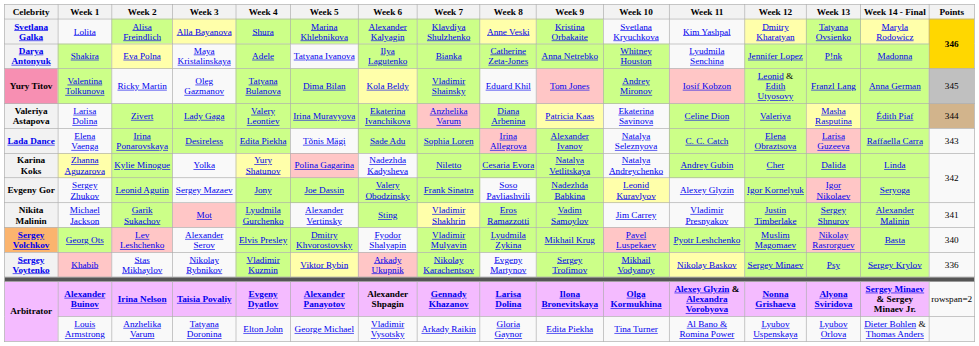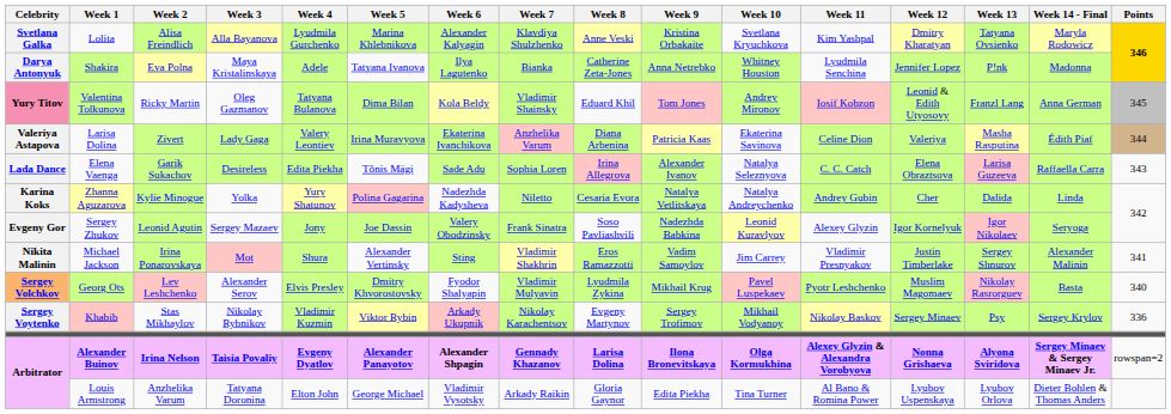 <table class="wikitable" style="text-align:center; font-size:90%; line-height:16px;" width="120%">
 <tr>
 <th>Celebrity</th>
 <th>Week 1</th>
 <th>Week 2</th>
 <th>Week 3</th>
 <th>Week 4</th>
 <th>Week 5</th>
 <th>Week 6</th>
 <th>Week 7</th>
 <th>Week 8</th>
 <th>Week 9</th>
 <th>Week 10</th>
 <th>Week 11</th>
 <th>Week 12</th>
 <th>Week 13</th>
 <th>Week 14 - Final</th>
 <th>Points</th>
 </tr>
 <tr>
 <th><a href='#'>Svetlana Galka</a></th>
 <td><a href='#'>Lolita</a></td>
 <td style="background:#ccff88"><a href='#'>Alisa Freindlich</a></td>
 <td style="background:#ffffaa"><a href='#'>Alla Bayanova</a></td>
-<td style="background:#ccff88"><a href='#'>Shura</a></td>
+<td style="background:#ccff88"><a href='#'>Lyudmila Gurchenko</a></td>
 <td style="background:#ccff88"><a href='#'>Marina Khlebnikova</a></td>
 <td style="background:#ccff88"><a href='#'>Alexander Kalyagin</a></td>
 <td style="background:#ccff88"><a href='#'>Klavdiya Shulzhenko</a></td>
 <td style="background:#ffffaa"><a href='#'>Anne Veski</a></td>
 <td style="background:#ccff88"><a href='#'>Kristina Orbakaite</a></td>
 <td><a href='#'>Svetlana Kryuchkova</a></td>
 <td><a href='#'>Kim Yashpal</a></td>
 <td style="background:#ffffaa"><a href='#'>Dmitry Kharatyan</a></td>
 <td style="background:#ccff88"><a href='#'>Tatyana Ovsienko</a></td>
 <td style="background:#ffffaa"><a href='#'>Maryla Rodowicz</a></td>
 <td rowspan=2 style="background:gold"><strong>346</strong></td>
 </tr>
 <tr>
 <th><a href='#'>Darya Antonyuk</a></th>
 <td style="background:#ccff88"><a href='#'>Shakira</a></td>
 <td style="background:#ffffaa"><a href='#'>Eva Polna</a></td>
 <td><a href='#'>Maya Kristalinskaya</a></td>
 <td style="background:#ccff88"><a href='#'>Adele</a></td>
 <td><a href='#'>Tatyana Ivanova</a></td>
 <td style="background:#ccff88"><a href='#'>Ilya Lagutenko</a></td>
 <td style="background:#ccff88"><a href='#'>Bianka</a></td>
 <td style="background:#ccff88"><a href='#'>Catherine Zeta-Jones</a></td>
 <td style="background:#ccff88"><a href='#'>Anna Netrebko</a></td>
 <td style="background:#ccff88"><a href='#'>Whitney Houston</a></td>
 <td><a href='#'>Lyudmila Senchina</a></td>
 <td style="background:#ccff88"><a href='#'>Jennifer Lopez</a></td>
 <td style="background:#ccff88"><a href='#'>P!nk</a></td>
 <td style="background:#ccff88"><a href='#'>Madonna</a></td>
 </tr>
 <tr>
 <th style="background:#f78fb2">Yury Titov</th>
 <td style="background:#ccff88"><a href='#'>Valentina Tolkunova</a></td>
 <td><a href='#'>Ricky Martin</a></td>
 <td><a href='#'>Oleg Gazmanov</a></td>
 <td style="background:#ccff88"><a href='#'>Tatyana Bulanova</a></td>
 <td style="background:#ccff88"><a href='#'>Dima Bilan</a></td>
 <td style="background:#ffffaa"><a href='#'>Kola Beldy</a></td>
 <td style="background:#ccff88"><a href='#'>Vladimir Shainsky</a></td>
 <td><a href='#'>Eduard Khil</a></td>
 <td style="background:#ffc6c6"><a href='#'>Tom Jones</a></td>
 <td style="background:#ccff88"><a href='#'>Andrey Mironov</a></td>
 <td style="background:#ffc6c6"><a href='#'>Iosif Kobzon</a></td>
 <td style="background:#ccff88"><a href='#'>Leonid</a> & <a href='#'>Edith Utyosovy</a></td>
 <td style="background:#ccff88"><a href='#'>Franzl Lang</a></td>
 <td style="background:#ccff88"><a href='#'>Anna German</a></td>
 <td style="background:silver">345</td>
 </tr>
 <tr>
 <th>Valeriya Astapova</th>
 <td><a href='#'>Larisa Dolina</a></td>
 <td style="background:#ccff88"><a href='#'>Zivert</a></td>
 <td style="background:#ccff88"><a href='#'>Lady Gaga</a></td>
 <td style="background:#ccff88"><a href='#'>Valery Leontiev</a></td>
 <td style="background:#ccff88"><a href='#'>Irina Muravyova</a></td>
 <td style="background:#ccff88"><a href='#'>Ekaterina Ivanchikova</a></td>
 <td style="background:#ffc6c6"><a href='#'>Anzhelika Varum</a></td>
 <td style="background:#ccff88"><a href='#'>Diana Arbenina</a></td>
 <td style="background:#ffffaa"><a href='#'>Patricia Kaas</a></td>
 <td><a href='#'>Ekaterina Savinova</a></td>
 <td style="background:#ccff88"><a href='#'>Celine Dion</a></td>
 <td style="background:#ccff88"><a href='#'>Valeriya</a></td>
 <td style="background:#ffffaa"><a href='#'>Masha Rasputina</a></td>
 <td style="background:#ccff88"><a href='#'>Édith Piaf</a></td>
 <td style="background:tan">344</td>
 </tr>
 <tr>
 <th><a href='#'>Lada Dance</a></th>
 <td><a href='#'>Elena Vaenga</a></td>
-<td style="background:#ccff88"><a href='#'>Irina Ponarovskaya</a></td>
+<td style="background:#ccff88"><a href='#'>Garik Sukachov</a></td>
 <td style="background:#ccff88"><a href='#'>Desireless</a></td>
 <td style="background:#ccff88"><a href='#'>Edita Piekha</a></td>
 <td><a href='#'>Tõnis Mägi</a></td>
 <td style="background:#ccff88"><a href='#'>Sade Adu</a></td>
 <td style="background:#ccff88"><a href='#'>Sophia Loren</a></td>
 <td style="background:#ffc6c6"><a href='#'>Irina Allegrova</a></td>
 <td style="background:#ccff88"><a href='#'>Alexander Ivanov</a></td>
 <td><a href='#'>Natalya Seleznyova</a></td>
 <td style="background:#ccff88"><a href='#'>C. C. Catch</a></td>
 <td style="background:#ccff88"><a href='#'>Elena Obraztsova</a></td>
 <td style="background:#ffc6c6"><a href='#'>Larisa Guzeeva</a></td>
 <td style="background:#ccff88"><a href='#'>Raffaella Carra</a></td>
 <td>343</td>
 </tr>
 <tr>
 <th>Karina Koks</th>
 <td style="background:#ffffaa"><a href='#'>Zhanna Aguzarova</a></td>
 <td style="background:#ccff88"><a href='#'>Kylie Minogue</a></td>
 <td><a href='#'>Yolka</a></td>
 <td style="background:#ffffaa"><a href='#'>Yury Shatunov</a></td>
 <td style="background:#ffc6c6"><a href='#'>Polina Gagarina</a></td>
 <td><a href='#'>Nadezhda Kadysheva</a></td>
 <td style="background:#ccff88"><a href='#'>Niletto</a></td>
 <td style="background:#ccff88"><a href='#'>Cesaria Evora</a></td>
 <td style="background:#ccff88"><a href='#'>Natalya Vetlitskaya</a></td>
 <td><a href='#'>Natalya Andreychenko</a></td>
 <td style="background:#ccff88"><a href='#'>Andrey Gubin</a></td>
 <td style="background:#ccff88"><a href='#'>Cher</a></td>
 <td style="background:#ccff88"><a href='#'>Dalida</a></td>
 <td style="background:#ccff88"><a href='#'>Linda</a></td>
 <td rowspan=2>342</td>
 </tr>
 <tr>
 <th>Evgeny Gor</th>
 <td><a href='#'>Sergey Zhukov</a></td>
 <td style="background:#ccff88"><a href='#'>Leonid Agutin</a></td>
 <td><a href='#'>Sergey Mazaev</a></td>
 <td style="background:#ccff88"><a href='#'>Jony</a></td>
 <td style="background:#ccff88"><a href='#'>Joe Dassin</a></td>
 <td style="background:#ccff88"><a href='#'>Valery Obodzinsky</a></td>
 <td style="background:#ccff88"><a href='#'>Frank Sinatra</a></td>
 <td><a href='#'>Soso Pavliashvili</a></td>
 <td style="background:#ccff88"><a href='#'>Nadezhda Babkina</a></td>
 <td style="background:#ffffaa"><a href='#'>Leonid Kuravlyov</a></td>
 <td><a href='#'>Alexey Glyzin</a></td>
 <td style="background:#ccff88"><a href='#'>Igor Kornelyuk</a></td>
 <td style="background:#ffc6c6"><a href='#'>Igor Nikolaev</a></td>
 <td style="background:#ccff88"><a href='#'>Seryoga</a></td>
 </tr>
 <tr>
 <th>Nikita Malinin</th>
 <td><a href='#'>Michael Jackson</a></td>
-<td style="background:#ccff88"><a href='#'>Garik Sukachov</a></td>
+<td style="background:#ccff88"><a href='#'>Irina Ponarovskaya</a></td>
 <td style="background:#ffc6c6"><a href='#'>Mot</a></td>
-<td style="background:#ccff88"><a href='#'>Lyudmila Gurchenko</a></td>
+<td style="background:#ccff88"><a href='#'>Shura</a></td>
 <td><a href='#'>Alexander Vertinsky</a></td>
 <td style="background:#ccff88"><a href='#'>Sting</a></td>
 <td style="background:#ffffaa"><a href='#'>Vladimir Shakhrin</a></td>
 <td style="background:#ccff88"><a href='#'>Eros Ramazzotti</a></td>
 <td style="background:#ccff88"><a href='#'>Vadim Samoylov</a></td>
 <td><a href='#'>Jim Carrey</a></td>
 <td><a href='#'>Vladimir Presnyakov</a></td>
 <td style="background:#ccff88"><a href='#'>Justin Timberlake</a></td>
 <td style="background:#ccff88"><a href='#'>Sergey Shnurov</a></td>
 <td style="background:#ccff88"><a href='#'>Alexander Malinin</a></td>
 <td>341</td>
 </tr>
 <tr>
 <th style="background:#fbb46e"><a href='#'>Sergey Volchkov</a></th>
 <td style="background:#ccff88"><a href='#'>Georg Ots</a></td>
 <td style="background:#ffc6c6"><a href='#'>Lev Leshchenko</a></td>
 <td><a href='#'>Alexander Serov</a></td>
 <td style="background:#ccff88"><a href='#'>Elvis Presley</a></td>
 <td style="background:#ccff88"><a href='#'>Dmitry Khvorostovsky</a></td>
 <td><a href='#'>Fyodor Shalyapin</a></td>
 <td style="background:#ccff88"><a href='#'>Vladimir Mulyavin</a></td>
 <td style="background:#ccff88"><a href='#'>Lyudmila Zykina</a></td>
 <td style="background:#ccff88"><a href='#'>Mikhail Krug</a></td>
 <td style="background:#ffc6c6"><a href='#'>Pavel Luspekaev</a></td>
 <td style="background:#ccff88"><a href='#'>Pyotr Leshchenko</a></td>
 <td style="background:#ccff88"><a href='#'>Muslim Magomaev</a></td>
 <td style="background:#ffc6c6"><a href='#'>Nikolay Rasrorguev</a></td>
 <td style="background:#ccff88"><a href='#'>Basta</a></td>
 <td>340</td>
 </tr>
 <tr>
 <th><a href='#'>Sergey Voytenko</a></th>
 <td style="background:#ffc6c6"><a href='#'>Khabib</a></td>
 <td><a href='#'>Stas Mikhaylov</a></td>
 <td><a href='#'>Nikolay Rybnikov</a></td>
 <td style="background:#ccff88"><a href='#'>Vladimir Kuzmin</a></td>
 <td style="background:#ffffaa"><a href='#'>Viktor Rybin</a></td>
 <td style="background:#ffc6c6"><a href='#'>Arkady Ukupnik</a></td>
 <td style="background:#ccff88"><a href='#'>Nikolay Karachentsov</a></td>
 <td><a href='#'>Evgeny Martynov</a></td>
 <td style="background:#ccff88"><a href='#'>Sergey Trofimov</a></td>
 <td style="background:#ccff88"><a href='#'>Mikhail Vodyanoy</a></td>
 <td style="background:#ffffaa"><a href='#'>Nikolay Baskov</a></td>
 <td style="background:#ccff88"><a href='#'>Sergey Minaev</a></td>
 <td style="background:#ccff88"><a href='#'>Psy</a></td>
 <td style="background:#ccff88"><a href='#'>Sergey Krylov</a></td>
 <td>336</td>
 </tr>
 <tr>
 <td colspan=16 style="background:#555555;"></td>
 </tr>
 <tr>
 <th rowspan=2 style="background:#f4bbff">Arbitrator</th>
 <th style="background:#f4bbff"><a href='#'>Alexander Buinov</a></th>
 <th style="background:#f4bbff"><a href='#'>Irina Nelson</a></th>
 <th style="background:#f4bbff"><a href='#'>Taisia Povaliy</a></th>
 <th style="background:#f4bbff"><a href='#'>Evgeny Dyatlov</a></th>
 <th style="background:#f4bbff"><a href='#'>Alexander Panayotov</a></th>
 <th style="background:#f4bbff">Alexander Shpagin</th>
 <th style="background:#f4bbff"><a href='#'>Gennady Khazanov</a></th>
 <th style="background:#f4bbff"><a href='#'>Larisa Dolina</a></th>
 <th style="background:#f4bbff"><a href='#'>Ilona Bronevitskaya</a></th>
 <th style="background:#f4bbff"><a href='#'>Olga Kormukhina</a></th>
 <th style="background:#f4bbff"><a href='#'>Alexey Glyzin</a> & <a href='#'>Alexandra Vorobyova</a></th>
 <th style="background:#f4bbff"><a href='#'>Nonna Grishaeva</a></th>
 <th style="background:#f4bbff"><a href='#'>Alyona Sviridova</a></th>
 <th style="background:#f4bbff"><a href='#'>Sergey Minaev</a> & Sergey Minaev Jr.</th>
 <td>rowspan=2 </td>
 </tr>
 <tr>
 <td><a href='#'>Louis Armstrong</a></td>
 <td><a href='#'>Anzhelika Varum</a></td>
 <td><a href='#'>Tatyana Doronina</a></td>
 <td><a href='#'>Elton John</a></td>
 <td><a href='#'>George Michael</a></td>
 <td><a href='#'>Vladimir Vysotsky</a></td>
 <td><a href='#'>Arkady Raikin</a></td>
 <td><a href='#'>Gloria Gaynor</a></td>
 <td><a href='#'>Edita Piekha</a></td>
 <td><a href='#'>Tina Turner</a></td>
 <td><a href='#'>Al Bano & Romina Power</a> </td>
 <td><a href='#'>Lyubov Uspenskaya</a></td>
 <td><a href='#'>Lyubov Orlova</a></td>
 <td><a href='#'>Dieter Bohlen</a> & <a href='#'>Thomas Anders</a></td>
 </tr>
 </table>
